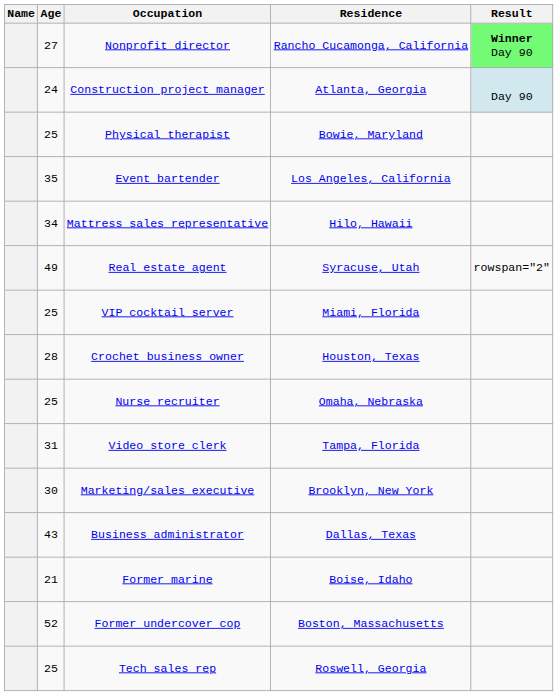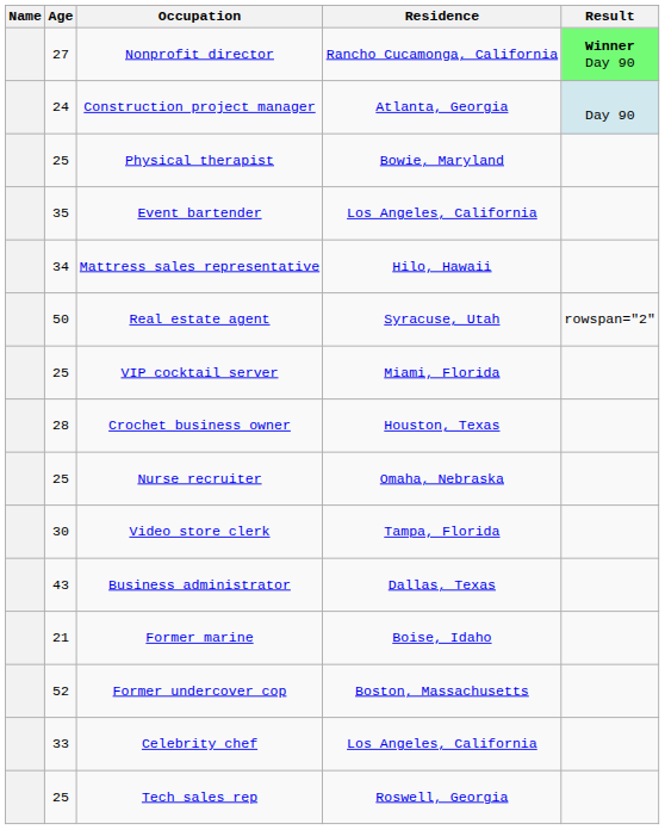 <table class="wikitable sortable" style="text-align:center;">
 <tr>
 <th scope="col">Name</th>
 <th scope="col">Age</th>
 <th scope="col" class="unsortable">Occupation</th>
 <th scope="col" class="unsortable">Residence</th>
 <th scope="col" class="unsortable">Result</th>
 </tr>
 <tr style="height:50px">
 <th scope="row"></th>
 <td>27</td>
 <td><a href='#'>Nonprofit director</a></td>
 <td><a href='#'>Rancho Cucamonga, California</a></td>
 <td bgcolor="73FB76"><strong>Winner</strong><br>Day 90</td>
 </tr>
 <tr style="height:50px">
 <th scope="row"></th>
 <td>24</td>
 <td><a href='#'>Construction project manager</a></td>
 <td><a href='#'>Atlanta, Georgia</a></td>
 <td bgcolor="D1E8EF"><br>Day 90</td>
 </tr>
 <tr style="height:50px">
 <th scope="row"></th>
 <td>25</td>
 <td><a href='#'>Physical therapist</a></td>
 <td><a href='#'>Bowie, Maryland</a></td>
 <td></td>
 </tr>
 <tr style="height:50px">
 <th scope="row"></th>
 <td>35</td>
 <td><a href='#'>Event bartender</a></td>
 <td><a href='#'>Los Angeles, California</a></td>
 <td></td>
 </tr>
 <tr style="height:50px">
 <th scope="row"></th>
 <td>34</td>
 <td><a href='#'>Mattress sales representative</a></td>
 <td><a href='#'>Hilo, Hawaii</a></td>
 <td></td>
 </tr>
 <tr style="height:50px">
 <th scope="row"></th>
-<td>49</td>
+<td>50</td>
 <td><a href='#'>Real estate agent</a></td>
 <td><a href='#'>Syracuse, Utah</a></td>
 <td>rowspan="2" </td>
 </tr>
 <tr style="height:50px">
 <th scope="row"></th>
 <td>25</td>
 <td><a href='#'>VIP cocktail server</a></td>
 <td><a href='#'>Miami, Florida</a></td>
 </tr>
 <tr style="height:50px">
 <th scope="row"></th>
 <td>28</td>
 <td><a href='#'>Crochet business owner</a></td>
 <td><a href='#'>Houston, Texas</a></td>
 <td></td>
 </tr>
 <tr style="height:50px">
 <th scope="row"></th>
 <td>25</td>
 <td><a href='#'>Nurse recruiter</a></td>
 <td><a href='#'>Omaha, Nebraska</a></td>
 <td></td>
 </tr>
 <tr style="height:50px">
 <th scope="row"></th>
-<td>31</td>
+<td>30</td>
 <td><a href='#'>Video store clerk</a></td>
 <td><a href='#'>Tampa, Florida</a></td>
-<td></td>
-</tr>
-<tr style="height:50px">
-<th scope="row"></th>
-<td>30</td>
-<td><a href='#'>Marketing/sales executive</a></td>
-<td><a href='#'>Brooklyn, New York</a></td>
 <td></td>
 </tr>
 <tr style="height:50px">
 <th scope="row"></th>
 <td>43</td>
 <td><a href='#'>Business administrator</a></td>
 <td><a href='#'>Dallas, Texas</a></td>
 <td></td>
 </tr>
 <tr style="height:50px">
 <th scope="row"></th>
 <td>21</td>
 <td><a href='#'>Former marine</a></td>
 <td><a href='#'>Boise, Idaho</a></td>
 <td></td>
 </tr>
 <tr style="height:50px">
 <th scope="row"></th>
 <td>52</td>
 <td><a href='#'>Former undercover cop</a></td>
 <td><a href='#'>Boston, Massachusetts</a></td>
 <td></td>
 </tr>
 <tr style="height:50px">
 <th scope="row"></th>
+<td>33</td>
+<td><a href='#'>Celebrity chef</a></td>
+<td><a href='#'>Los Angeles, California</a></td>
+<td></td>
+</tr>
+<tr style="height:50px">
+<th scope="row"></th>
 <td>25</td>
 <td><a href='#'>Tech sales rep</a></td>
 <td><a href='#'>Roswell, Georgia</a></td>
 <td></td>
 </tr>
 </table>
